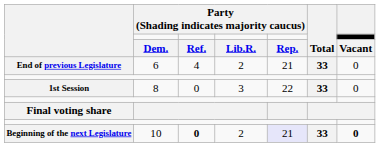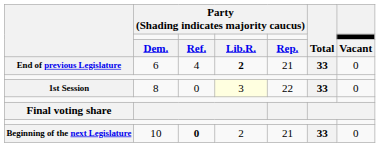 <table class=wikitable style="text-align:center">
 <tr style="vertical-align:bottom;">
 <th rowspan=3></th>
 <th colspan=4>Party <div>(Shading indicates majority caucus)</div></th>
 <th rowspan=3>Total</th>
 <th></th>
 </tr>
 <tr style="height:5px">
 <td style="background-color:"></td>
 <td style="background-color:"></td>
 <td style="background-color:"></td>
 <td style="background-color:"></td>
 <td style="background:black;"></td>
 </tr>
 <tr>
 <th><a href='#'>Dem.</a></th>
 <th><a href='#'>Ref.</a></th>
 <th><a href='#'>Lib.R.</a></th>
 <th><a href='#'>Rep.</a></th>
 <th>Vacant</th>
 </tr>
 <tr>
 <th style="font-size:80%;">End of <a href='#'>previous Legislature</a></th>
 <td>6</td>
 <td>4</td>
-<td>2</td>
+<td><strong>2</strong></td>
 <td>21</td>
 <th>33</th>
 <td>0</td>
 </tr>
 <tr>
 <td colspan=6></td>
 </tr>
 <tr>
 <th style="font-size:80%;">1st Session</th>
 <td>8</td>
 <td>0</td>
-<td>3</td>
+<td style="background: lightyellow;">3</td>
 <td>22</td>
 <th>33</th>
 <td>0</td>
 </tr>
 <tr>
 <td colspan=6></td>
 </tr>
 <tr>
 <th>Final voting share</th>
 <th colspan=3></th>
 <th></th>
 <th colspan=2></th>
 </tr>
 <tr>
 <td colspan=6></td>
 </tr>
 <tr>
 <th style="font-size:80%;">Beginning of the <a href='#'>next Legislature</a></th>
 <td>10</td>
 <td><strong>0</strong></td>
 <td>2</td>
-<td style="background: lavender;">21</td>
+<td>21</td>
 <th>33</th>
-<td><strong>0</strong></td>
+<td>0</td>
 </tr>
 </table>
